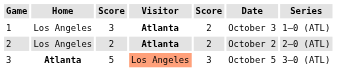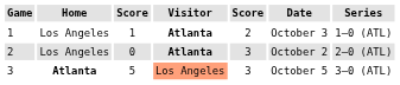 <table border="0" cellspacing="3" cellpadding="3">
 <tr style="background: #e3e3e3;">
 <th>Game</th>
 <th>Home</th>
 <th>Score</th>
 <th>Visitor</th>
 <th>Score</th>
 <th>Date</th>
 <th>Series</th>
 </tr>
 <tr>
 <td>1</td>
 <td align="center">Los Angeles</td>
-<td align="center">3</td>
+<td align="center">1</td>
 <td align="center"><strong>Atlanta</strong></td>
 <td align="center">2</td>
 <td align="center">October 3</td>
 <td>1–0 (ATL)</td>
 </tr>
 <tr style="background: #e3e3e3;">
 <td>2</td>
 <td align="center">Los Angeles</td>
-<td align="center">2</td>
+<td align="center">0</td>
 <td align="center"><strong>Atlanta</strong></td>
-<td align="center">2</td>
+<td align="center">3</td>
 <td align="center">October 2</td>
 <td>2–0 (ATL)</td>
 </tr>
 <tr>
 <td>3</td>
 <td align="center"><strong>Atlanta</strong></td>
 <td align="center">5</td>
 <td align="center" style="background: lightsalmon;">Los Angeles</td>
 <td align="center">3</td>
 <td align="center">October 5</td>
 <td>3–0 (ATL)</td>
 </tr>
 </table>
